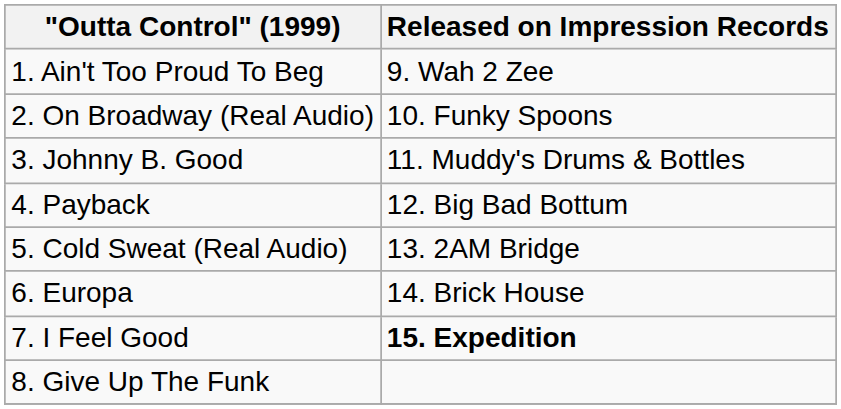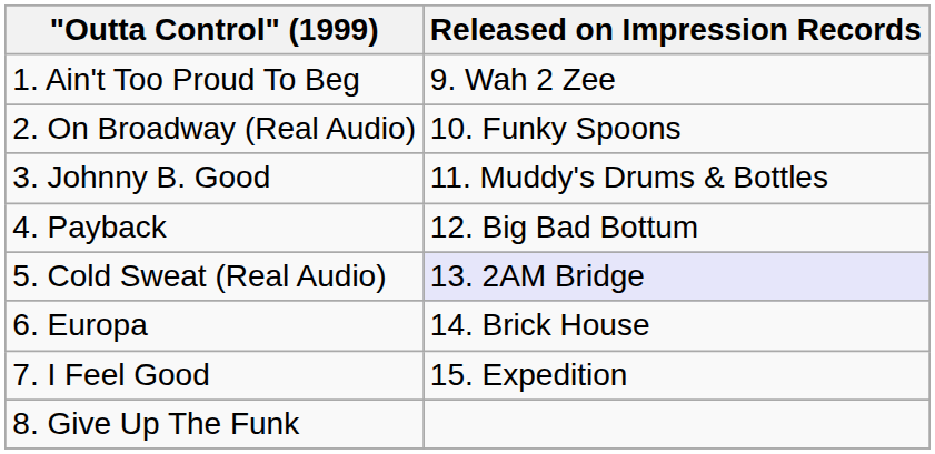 <table class="wikitable" border="1">
 <tr>
 <th>"Outta Control" (1999)</th>
 <th>Released on Impression Records</th>
 </tr>
 <tr>
 <td>1. Ain't Too Proud To Beg</td>
 <td>9. Wah 2 Zee</td>
 </tr>
 <tr>
 <td>2. On Broadway (Real Audio)</td>
 <td>10. Funky Spoons</td>
 </tr>
 <tr>
 <td>3. Johnny B. Good</td>
 <td>11. Muddy's Drums & Bottles</td>
 </tr>
 <tr>
 <td>4. Payback</td>
 <td>12. Big Bad Bottum</td>
 </tr>
 <tr>
 <td>5. Cold Sweat (Real Audio)</td>
-<td>13. 2AM Bridge</td>
+<td style="background: lavender;">13. 2AM Bridge</td>
 </tr>
 <tr>
 <td>6. Europa</td>
 <td>14. Brick House</td>
 </tr>
 <tr>
 <td>7. I Feel Good</td>
-<td><strong>15. Expedition</strong></td>
+<td>15. Expedition</td>
 </tr>
 <tr>
 <td>8. Give Up The Funk</td>
 <td></td>
 </tr>
 <tr>
 </tr>
 </table>
